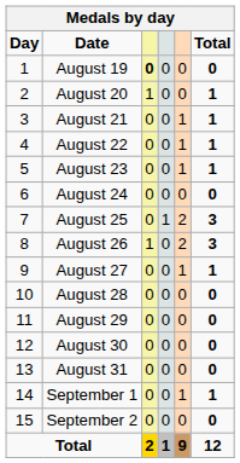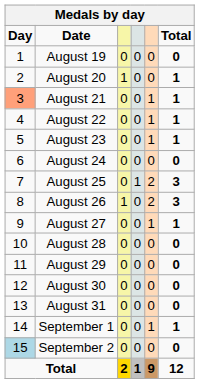 <table class=wikitable style="font-size:85%; float:right;text-align:center">
 <tr>
 <th colspan=7><strong>Medals by day</strong></th>
 </tr>
 <tr>
 <td><strong>Day</strong></td>
 <td><strong>Date</strong></td>
 <td bgcolor=F7F6A8></td>
 <td bgcolor=DCE5E5></td>
 <td bgcolor=FFDAB9></td>
 <td><strong>Total</strong></td>
 </tr>
 <tr>
 <td>1</td>
 <td>August 19</td>
-<td bgcolor=F7F6A8><strong>0</strong></td>
+<td bgcolor=F7F6A8>0</td>
 <td bgcolor=DCE5E5>0</td>
 <td bgcolor=FFDAB9>0</td>
 <td><strong>0</strong></td>
 </tr>
 <tr>
 <td>2</td>
 <td>August 20</td>
 <td bgcolor=F7F6A8>1</td>
 <td bgcolor=DCE5E5>0</td>
 <td bgcolor=FFDAB9>0</td>
 <td><strong>1</strong></td>
 </tr>
 <tr>
-<td>3</td>
+<td style="background: lightsalmon;">3</td>
 <td>August 21</td>
 <td bgcolor=F7F6A8>0</td>
 <td bgcolor=DCE5E5>0</td>
 <td bgcolor=FFDAB9>1</td>
 <td><strong>1</strong></td>
 </tr>
 <tr>
 <td>4</td>
 <td>August 22</td>
 <td bgcolor=F7F6A8>0</td>
 <td bgcolor=DCE5E5>0</td>
 <td bgcolor=FFDAB9>1</td>
 <td><strong>1</strong></td>
 </tr>
 <tr>
 <td>5</td>
 <td>August 23</td>
 <td bgcolor=F7F6A8>0</td>
 <td bgcolor=DCE5E5>0</td>
 <td bgcolor=FFDAB9>1</td>
 <td><strong>1</strong></td>
 </tr>
 <tr>
 <td>6</td>
 <td>August 24</td>
 <td bgcolor=F7F6A8>0</td>
 <td bgcolor=DCE5E5>0</td>
 <td bgcolor=FFDAB9>0</td>
 <td><strong>0</strong></td>
 </tr>
 <tr>
 <td>7</td>
 <td>August 25</td>
 <td bgcolor=F7F6A8>0</td>
 <td bgcolor=DCE5E5>1</td>
 <td bgcolor=FFDAB9>2</td>
 <td><strong>3</strong></td>
 </tr>
 <tr>
 <td>8</td>
 <td>August 26</td>
 <td bgcolor=F7F6A8>1</td>
 <td bgcolor=DCE5E5>0</td>
 <td bgcolor=FFDAB9>2</td>
 <td><strong>3</strong></td>
 </tr>
 <tr>
 <td>9</td>
 <td>August 27</td>
 <td bgcolor=F7F6A8>0</td>
 <td bgcolor=DCE5E5>0</td>
 <td bgcolor=FFDAB9>1</td>
 <td><strong>1</strong></td>
 </tr>
 <tr>
 <td>10</td>
 <td>August 28</td>
 <td bgcolor=F7F6A8>0</td>
 <td bgcolor=DCE5E5>0</td>
 <td bgcolor=FFDAB9>0</td>
 <td><strong>0</strong></td>
 </tr>
 <tr>
 <td>11</td>
 <td>August 29</td>
 <td bgcolor=F7F6A8>0</td>
 <td bgcolor=DCE5E5>0</td>
 <td bgcolor=FFDAB9>0</td>
 <td><strong>0</strong></td>
 </tr>
 <tr>
 <td>12</td>
 <td>August 30</td>
 <td bgcolor=F7F6A8>0</td>
 <td bgcolor=DCE5E5>0</td>
 <td bgcolor=FFDAB9>0</td>
 <td><strong>0</strong></td>
 </tr>
 <tr>
 <td>13</td>
 <td>August 31</td>
 <td bgcolor=F7F6A8>0</td>
 <td bgcolor=DCE5E5>0</td>
 <td bgcolor=FFDAB9>0</td>
 <td><strong>0</strong></td>
 </tr>
 <tr>
 <td>14</td>
 <td>September 1</td>
 <td bgcolor=F7F6A8>0</td>
 <td bgcolor=DCE5E5>0</td>
 <td bgcolor=FFDAB9>1</td>
 <td><strong>1</strong></td>
 </tr>
 <tr>
-<td>15</td>
+<td style="background: lightblue;">15</td>
 <td>September 2</td>
 <td bgcolor=F7F6A8>0</td>
 <td bgcolor=DCE5E5>0</td>
 <td bgcolor=FFDAB9>0</td>
 <td><strong>0</strong></td>
 </tr>
 <tr>
 <td colspan=2><strong>Total</strong></td>
 <td style="background:gold;"><strong>2</strong></td>
 <td style="background:silver;"><strong>1</strong></td>
 <td style="background:#c96;"><strong>9</strong></td>
 <td><strong>12</strong></td>
 </tr>
 </table>
